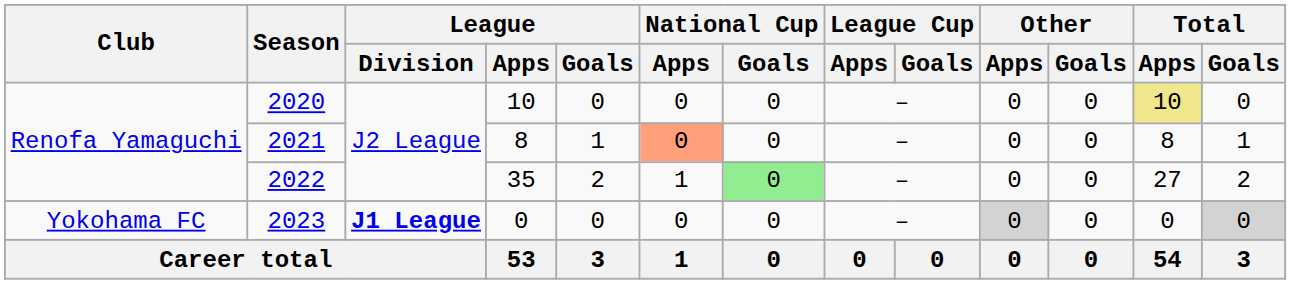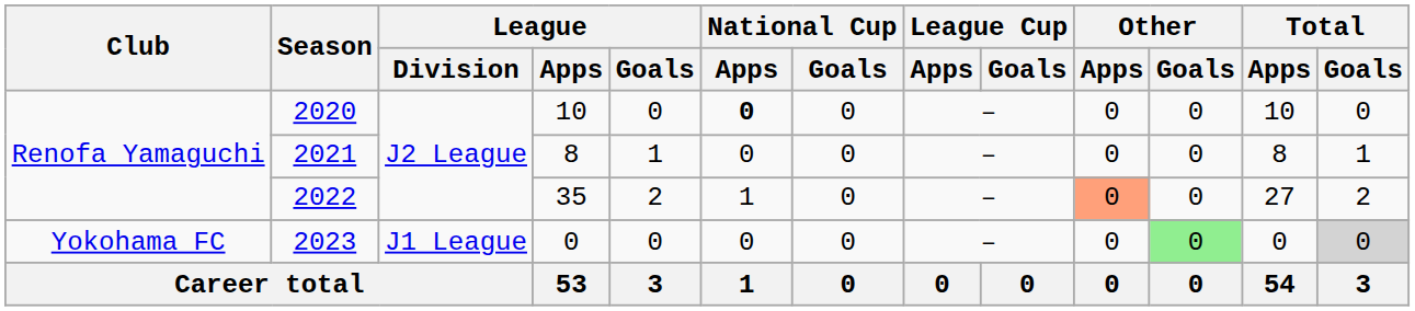 <table class="wikitable" style="text-align: center">
 <tr>
 <th rowspan="2">Club</th>
 <th rowspan="2">Season</th>
 <th colspan="3">League</th>
 <th colspan="2">National Cup</th>
 <th colspan="2">League Cup</th>
 <th colspan="2">Other</th>
 <th colspan="2">Total</th>
 </tr>
 <tr>
 <th>Division</th>
 <th>Apps</th>
 <th>Goals</th>
 <th>Apps</th>
 <th>Goals</th>
 <th>Apps</th>
 <th>Goals</th>
 <th>Apps</th>
 <th>Goals</th>
 <th>Apps</th>
 <th>Goals</th>
 </tr>
 <tr>
 <td rowspan="3"><a href='#'>Renofa Yamaguchi</a></td>
 <td><a href='#'>2020</a></td>
 <td rowspan="3"><a href='#'>J2 League</a></td>
 <td>10</td>
 <td>0</td>
-<td>0</td>
+<td><strong>0</strong></td>
 <td>0</td>
 <td colspan="2">–</td>
 <td>0</td>
 <td>0</td>
-<td style="background: khaki;">10</td>
+<td>10</td>
 <td>0</td>
 </tr>
 <tr>
 <td><a href='#'>2021</a></td>
 <td>8</td>
 <td>1</td>
-<td style="background: lightsalmon;">0</td>
+<td>0</td>
 <td>0</td>
 <td colspan="2">–</td>
 <td>0</td>
 <td>0</td>
 <td>8</td>
 <td>1</td>
 </tr>
 <tr>
 <td><a href='#'>2022</a></td>
 <td>35</td>
 <td>2</td>
 <td>1</td>
-<td style="background: lightgreen;">0</td>
+<td>0</td>
 <td colspan="2">–</td>
-<td>0</td>
+<td style="background: lightsalmon;">0</td>
 <td>0</td>
 <td>27</td>
 <td>2</td>
 </tr>
 <tr>
 <td><a href='#'>Yokohama FC</a></td>
 <td><a href='#'>2023</a></td>
-<td><strong><a href='#'>J1 League</a></strong></td>
+<td><a href='#'>J1 League</a></td>
 <td>0</td>
 <td>0</td>
 <td>0</td>
 <td>0</td>
 <td colspan="2">–</td>
-<td style="background: lightgrey;">0</td>
 <td>0</td>
+<td style="background: lightgreen;">0</td>
 <td>0</td>
 <td style="background: lightgrey;">0</td>
 </tr>
 <tr>
 <th colspan="3">Career total</th>
 <th>53</th>
 <th>3</th>
 <th>1</th>
 <th>0</th>
 <th>0</th>
 <th>0</th>
 <th>0</th>
 <th>0</th>
 <th>54</th>
 <th>3</th>
 </tr>
 </table>
